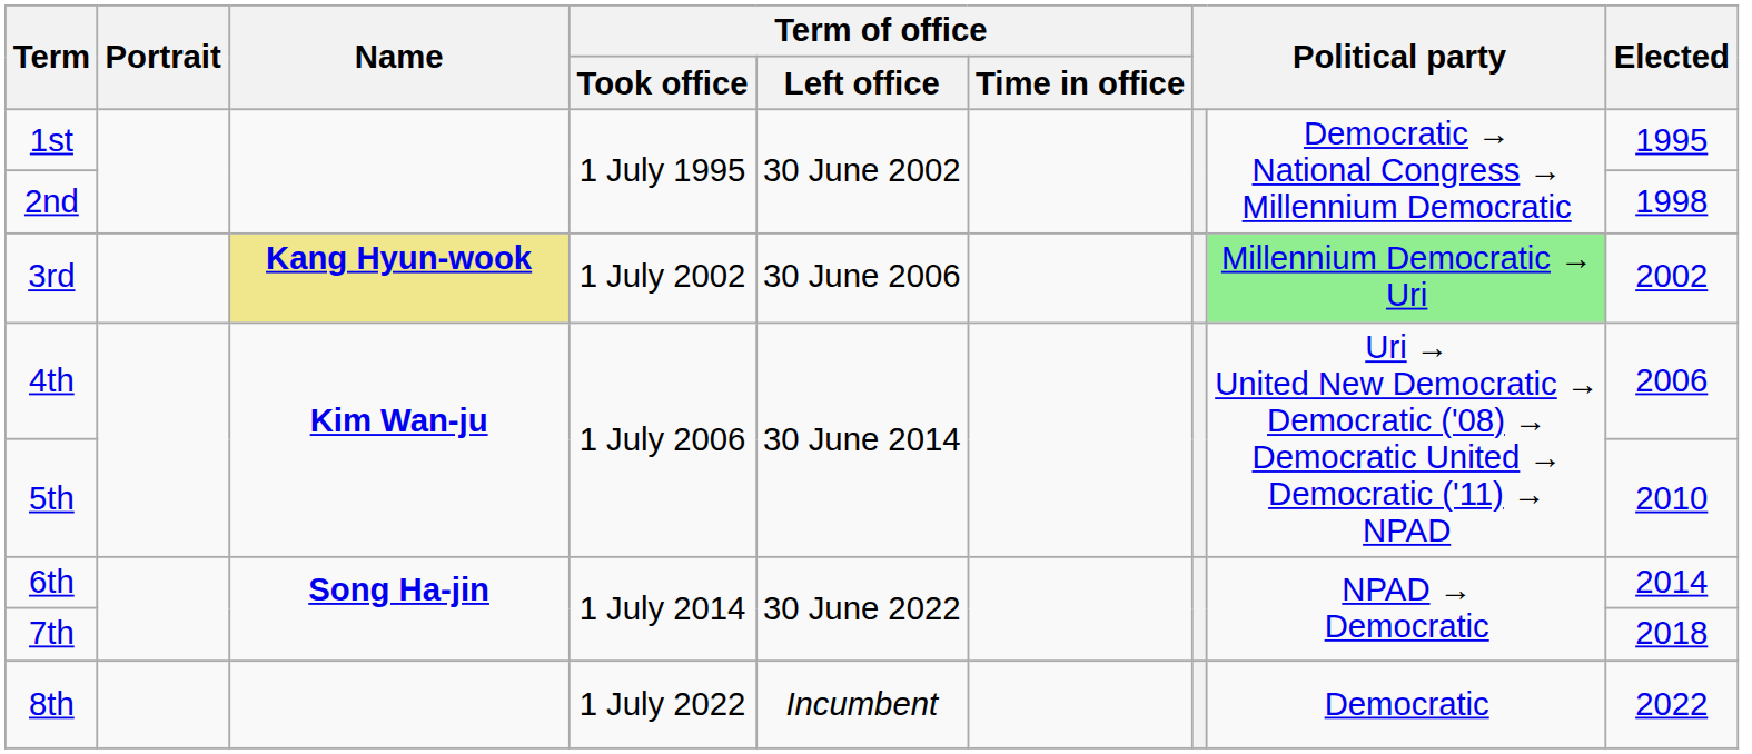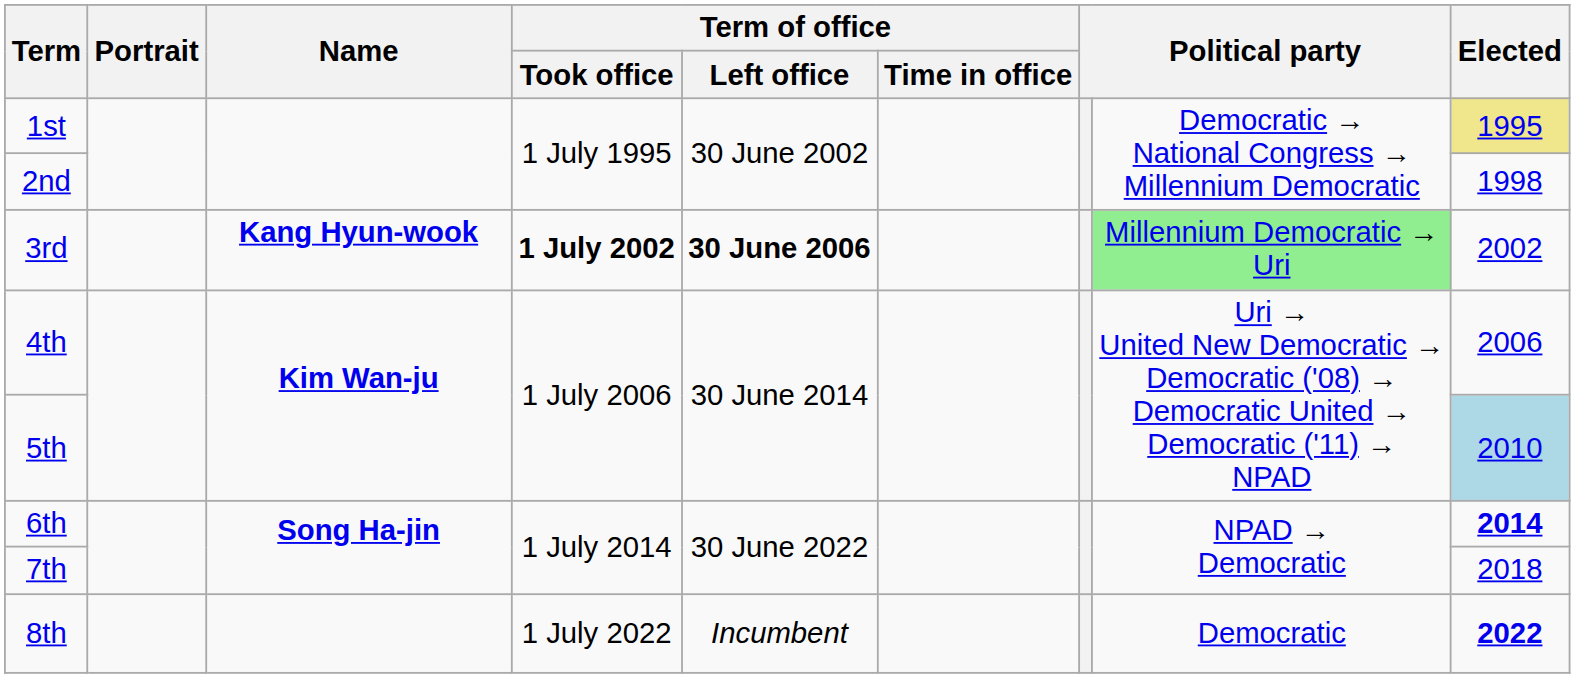 <table class="wikitable" style="text-align:center">
 <tr>
 <th rowspan="2">Term</th>
 <th rowspan="2">Portrait</th>
 <th rowspan="2" width="160">Name<br></th>
 <th colspan="3">Term of office</th>
 <th colspan="2" rowspan="2">Political party</th>
 <th rowspan="2">Elected</th>
 </tr>
 <tr>
 <th>Took office</th>
 <th>Left office</th>
 <th>Time in office</th>
 </tr>
 <tr>
 <td><a href='#'>1st</a></td>
 <td rowspan="2"></td>
 <td rowspan="2"><strong></strong><br><br></td>
 <td rowspan="2">1 July 1995</td>
 <td rowspan="2">30 June 2002</td>
 <td rowspan="2"></td>
 <th rowspan="2" style="background:"></th>
 <td rowspan="2"><a href='#'>Democratic</a> →<br><a href='#'>National Congress</a> →<br><a href='#'>Millennium Democratic</a></td>
-<td><a href='#'>1995</a></td>
+<td style="background: khaki;"><a href='#'>1995</a></td>
 </tr>
 <tr>
 <td><a href='#'>2nd</a></td>
 <td><a href='#'>1998</a></td>
 </tr>
 <tr>
 <td><a href='#'>3rd</a></td>
 <td></td>
-<td style="background: khaki;"><strong><a href='#'>Kang Hyun-wook</a></strong><br><br></td>
-<td>1 July 2002</td>
-<td>30 June 2006</td>
+<td><strong><a href='#'>Kang Hyun-wook</a></strong><br><br></td>
+<td><strong>1 July 2002</strong></td>
+<td><strong>30 June 2006</strong></td>
 <td></td>
 <th style="background:"></th>
 <td style="background: lightgreen;"><a href='#'>Millennium Democratic</a> →<br><a href='#'>Uri</a></td>
 <td><a href='#'>2002</a></td>
 </tr>
 <tr>
 <td><a href='#'>4th</a></td>
 <td rowspan="2"></td>
 <td rowspan="2"><strong><a href='#'>Kim Wan-ju</a></strong><br><br></td>
 <td rowspan="2">1 July 2006</td>
 <td rowspan="2">30 June 2014</td>
 <td rowspan="2"></td>
 <th rowspan="2" style="background:"></th>
 <td rowspan="2"><a href='#'>Uri</a> →<br><a href='#'>United New Democratic</a> →<br><a href='#'>Democratic ('08)</a> →<br><a href='#'>Democratic United</a> →<br><a href='#'>Democratic ('11)</a> →<br><a href='#'>NPAD</a></td>
 <td><a href='#'>2006</a></td>
 </tr>
 <tr>
 <td><a href='#'>5th</a></td>
-<td><a href='#'>2010</a></td>
+<td style="background: lightblue;"><a href='#'>2010</a></td>
 </tr>
 <tr>
 <td><a href='#'>6th</a></td>
 <td rowspan="2"></td>
 <td rowspan="2"><strong><a href='#'>Song Ha-jin</a></strong><br><br></td>
 <td rowspan="2">1 July 2014</td>
 <td rowspan="2">30 June 2022</td>
 <td rowspan="2"></td>
 <th rowspan="2" style="background:"></th>
 <td rowspan="2"><a href='#'>NPAD</a> →<br><a href='#'>Democratic</a></td>
-<td><a href='#'>2014</a></td>
+<td><strong><a href='#'>2014</a></strong></td>
 </tr>
 <tr>
 <td><a href='#'>7th</a></td>
 <td><a href='#'>2018</a></td>
 </tr>
 <tr>
 <td><a href='#'>8th</a></td>
 <td rowspan="2"></td>
 <td rowspan="2"><strong></strong><br><br></td>
 <td rowspan="2">1 July 2022</td>
 <td rowspan="2"><em>Incumbent</em></td>
 <td rowspan="2"></td>
 <th rowspan="2" style="background:"></th>
 <td rowspan="2"><a href='#'>Democratic</a></td>
-<td><a href='#'>2022</a></td>
+<td><strong><a href='#'>2022</a></strong></td>
 </tr>
 </table>
